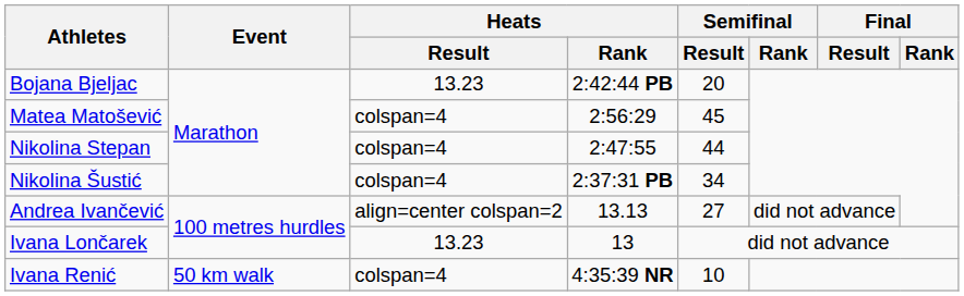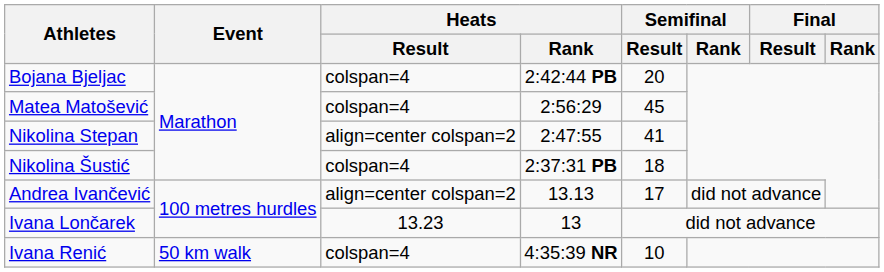 <table class="wikitable" border="1" style="font-size:90%">
 <tr>
 <th rowspan="2">Athletes</th>
 <th rowspan="2">Event</th>
 <th colspan="2">Heats</th>
 <th colspan="2">Semifinal</th>
 <th colspan="2">Final</th>
 </tr>
 <tr>
 <th>Result</th>
 <th>Rank</th>
 <th>Result</th>
 <th>Rank</th>
 <th>Result</th>
 <th>Rank</th>
 </tr>
 <tr>
 <td><a href='#'>Bojana Bjeljac</a></td>
 <td rowspan=4><a href='#'>Marathon</a></td>
-<td align=center>13.23</td>
+<td>colspan=4</td>
 <td align=center>2:42:44 <strong>PB</strong></td>
 <td align=center>20</td>
 </tr>
 <tr>
 <td><a href='#'>Matea Matošević</a></td>
 <td>colspan=4</td>
 <td align=center>2:56:29</td>
 <td align=center>45</td>
 </tr>
 <tr>
 <td><a href='#'>Nikolina Stepan</a></td>
-<td>colspan=4</td>
+<td>align=center colspan=2</td>
 <td align=center>2:47:55</td>
-<td align=center>44</td>
+<td align=center>41</td>
 </tr>
 <tr>
 <td><a href='#'>Nikolina Šustić</a></td>
 <td>colspan=4</td>
 <td align=center>2:37:31 <strong>PB</strong></td>
-<td align=center>34</td>
+<td align=center>18</td>
 </tr>
 <tr>
 <td><a href='#'>Andrea Ivančević</a></td>
 <td rowspan=2><a href='#'>100 metres hurdles</a></td>
 <td>align=center colspan=2</td>
 <td align=center>13.13</td>
-<td align=center>27</td>
+<td align=center>17</td>
 <td align=center colspan=2>did not advance</td>
 </tr>
 <tr>
 <td><a href='#'>Ivana Lončarek</a></td>
 <td align=center>13.23</td>
 <td align=center>13</td>
 <td align=center colspan=4>did not advance</td>
 </tr>
 <tr>
 <td><a href='#'>Ivana Renić</a></td>
 <td><a href='#'>50 km walk</a></td>
 <td>colspan=4</td>
 <td align=center>4:35:39 <strong>NR</strong></td>
 <td align=center>10</td>
 </tr>
 </table>
